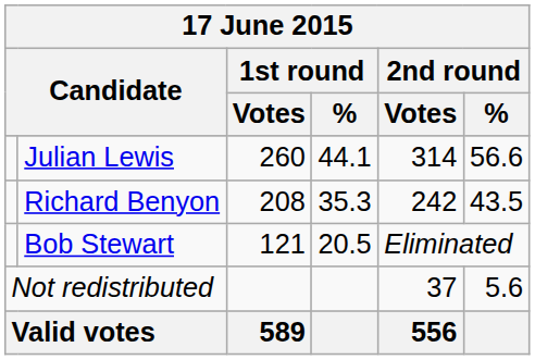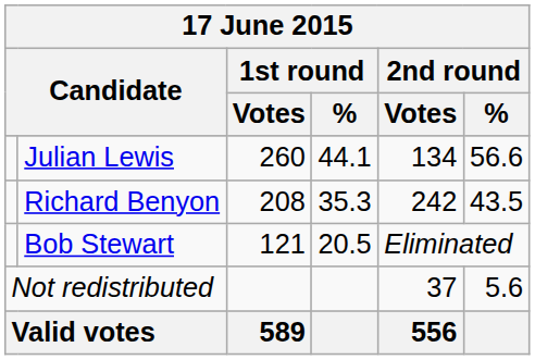 <table class="wikitable" style="min-width:250px;">
 <tr>
 <th colspan="6">17 June 2015</th>
 </tr>
 <tr>
 <th colspan="2" rowspan="2">Candidate</th>
 <th colspan="2">1st round</th>
 <th colspan="2">2nd round</th>
 </tr>
 <tr>
 <th>Votes</th>
 <th>%</th>
 <th>Votes</th>
 <th>%</th>
 </tr>
 <tr>
 <td style="color:inherit;background-color: "></td>
 <td><a href='#'>Julian Lewis</a></td>
 <td align="right">260</td>
 <td align="right">44.1</td>
-<td align="right">314</td>
+<td align="right">134</td>
 <td align="right">56.6</td>
 </tr>
 <tr>
 <td style="color:inherit;background-color: "></td>
 <td><a href='#'>Richard Benyon</a></td>
 <td align="right">208</td>
 <td align="right">35.3</td>
 <td align="right">242</td>
 <td align="right">43.5</td>
 </tr>
 <tr>
 <td style="color:inherit;background-color: "></td>
 <td><a href='#'>Bob Stewart</a></td>
 <td align="right">121</td>
 <td align="right">20.5</td>
 <td colspan="4"><em>Eliminated</em></td>
 </tr>
 <tr>
 <td colspan="2"><em>Not redistributed</em></td>
 <td align="right"></td>
 <td align="right"></td>
 <td align="right">37</td>
 <td align="right">5.6</td>
 </tr>
 <tr>
 <th style="text-align:left;" colspan="2"><strong>Valid votes</strong></th>
 <th style="text-align:right;">589</th>
 <th style="text-align:right;"></th>
 <th style="text-align:right;">556</th>
 <th style="text-align:right;"></th>
 </tr>
 </table>
